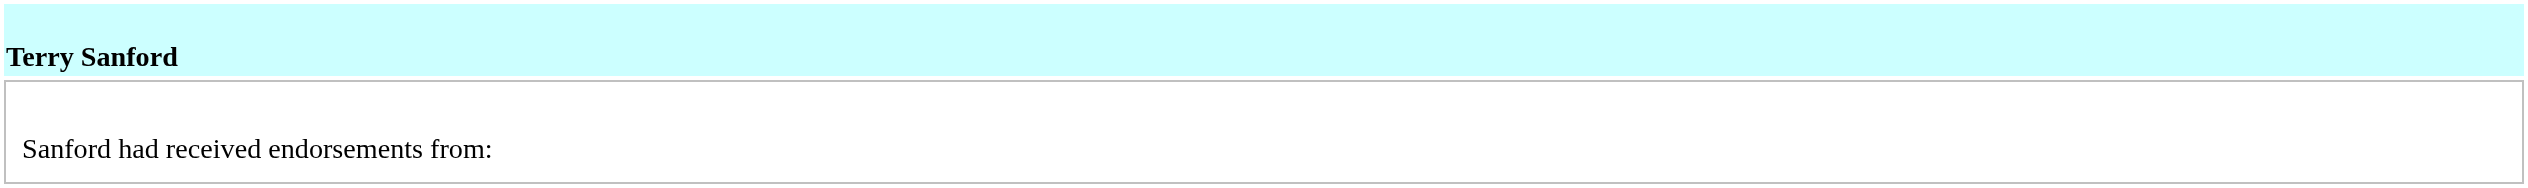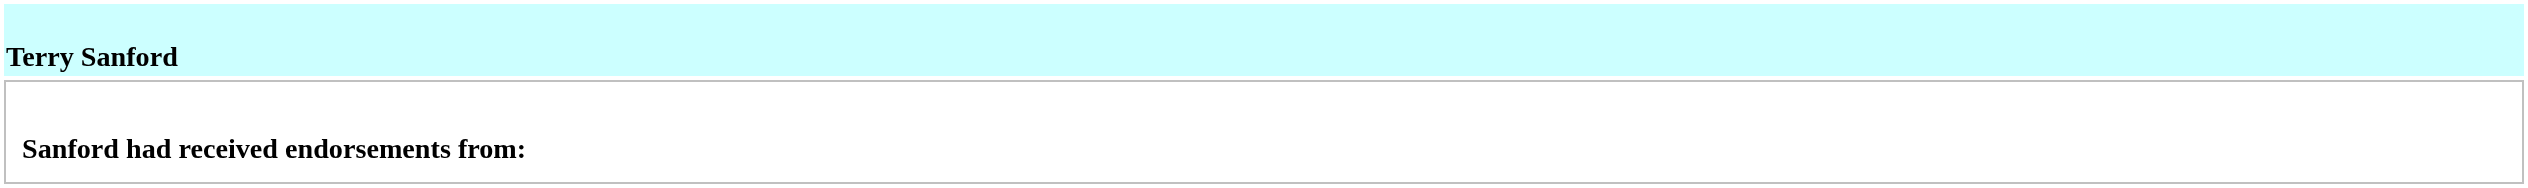 <table class="collapsible collapsed" style="width:100%;font-size:88%;text-align:left; border:0; margin-top:0.2em;">
 <tr>
 <th style="background:#cff; font-weight:normal;"><br><strong>Terry Sanford</strong></th>
 </tr>
 <tr>
-<td style="border:solid 1px silver; padding:8px; background:white;"><br>Sanford had received endorsements from:</td>
+<td style="border:solid 1px silver; padding:8px; background:white;"><strong><br>Sanford had received endorsements from:</strong></td>
 </tr>
 <tr>
 <td style="text-align:center;"></td>
 </tr>
 </table>
